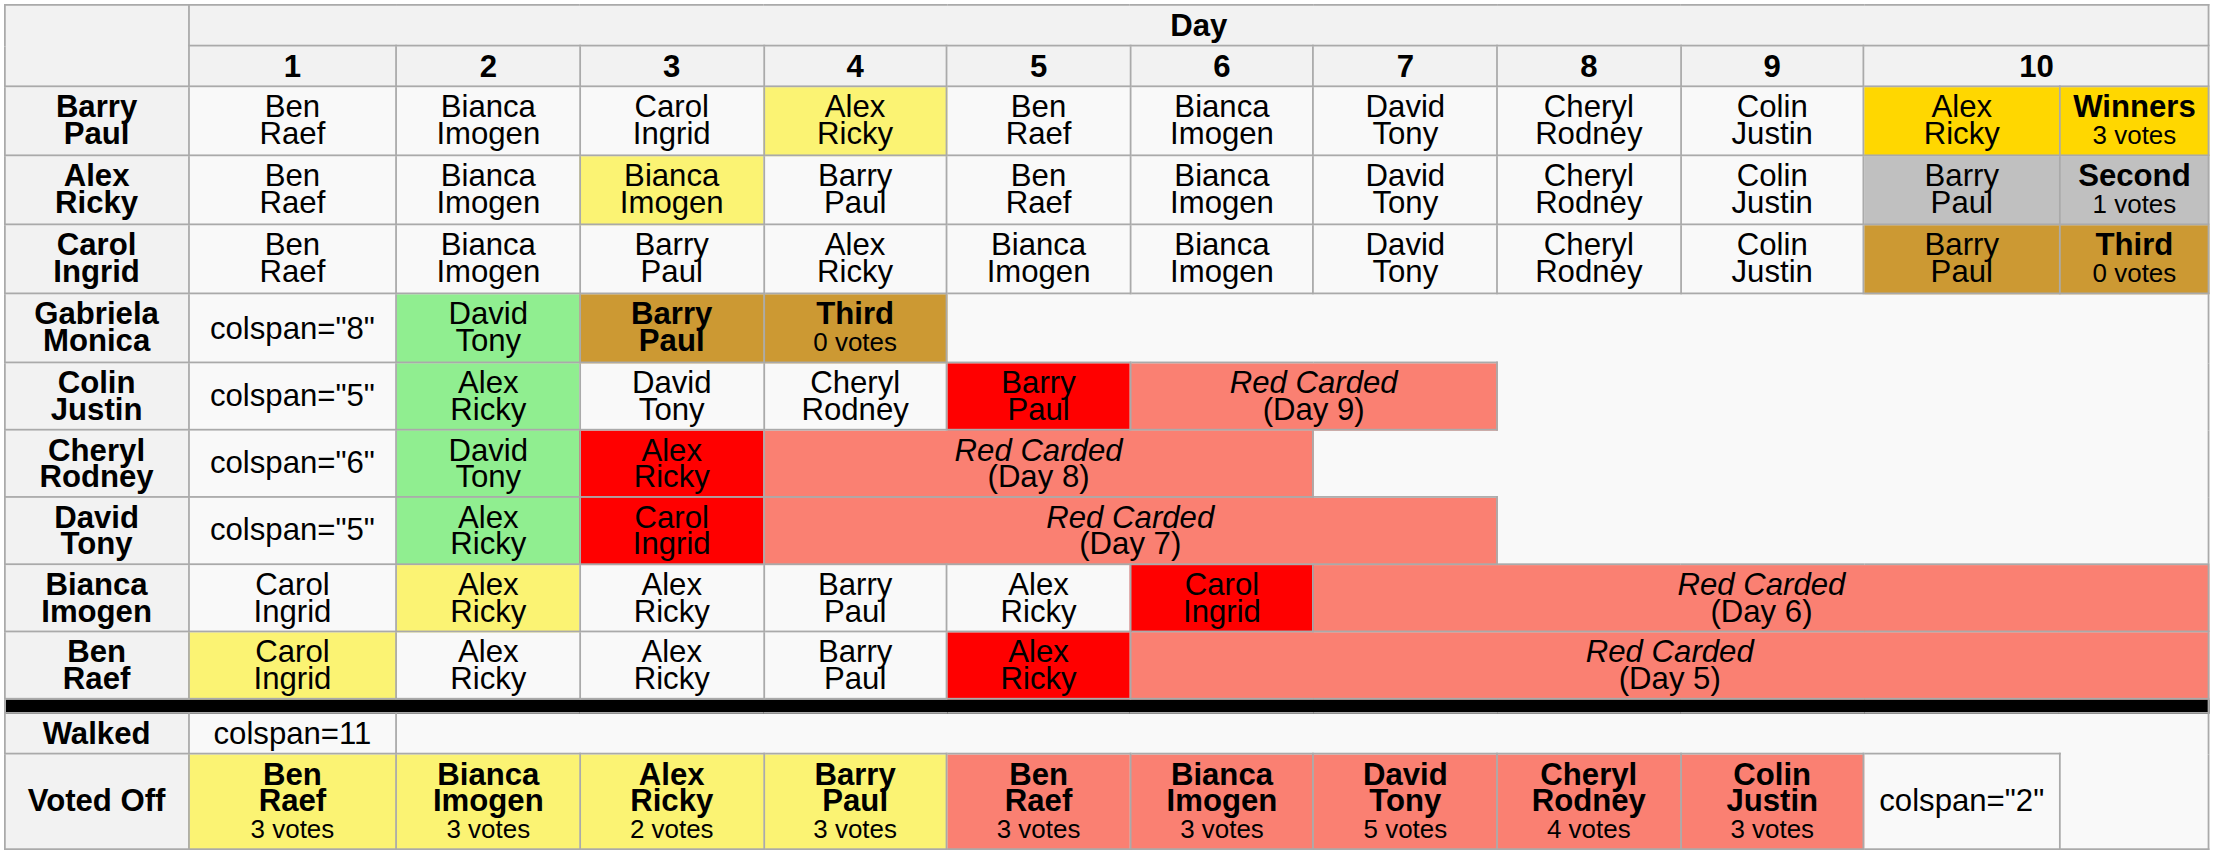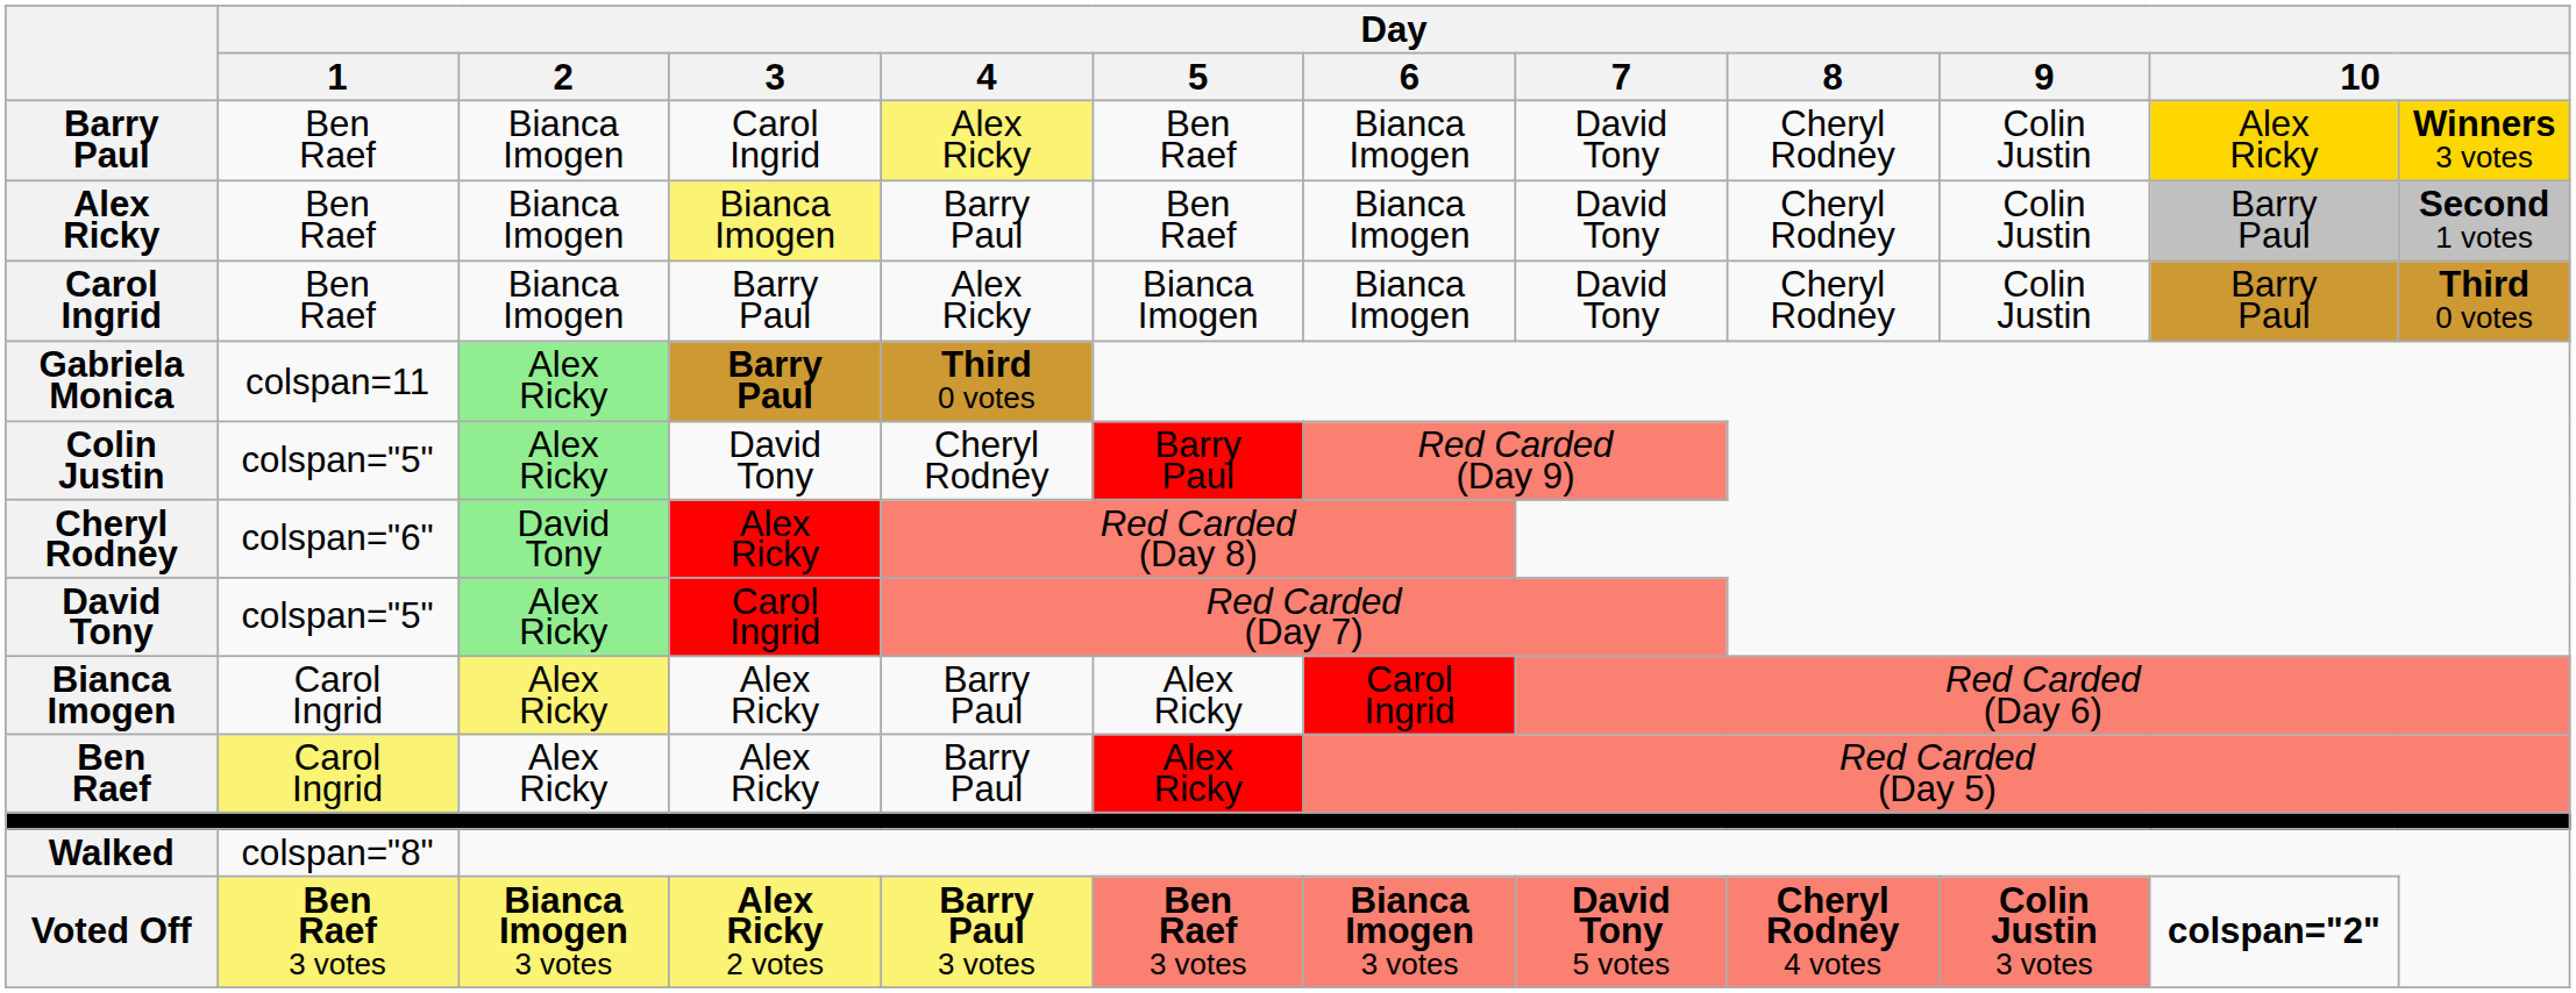 <table class="wikitable" style="text-align:center; font-size:110%; line-height:15px;">
 <tr>
 <th style="width: 7%;" rowspan="2"></th>
 <th colspan=31>Day</th>
 </tr>
 <tr>
 <th style="width: 7%;">1</th>
 <th style="width: 7%;">2</th>
 <th style="width: 7%;">3</th>
 <th style="width: 7%;">4</th>
 <th style="width: 7%;">5</th>
 <th style="width: 7%;">6</th>
 <th style="width: 7%;">7</th>
 <th style="width: 7%;">8</th>
 <th style="width: 7%;">9</th>
 <th colspan="2" style="width: 7%;">10</th>
 </tr>
 <tr>
 <th>Barry<br>Paul</th>
 <td>Ben<br>Raef</td>
 <td>Bianca<br>Imogen</td>
 <td>Carol<br>Ingrid</td>
 <td bgcolor=#fbf373>Alex<br>Ricky</td>
 <td>Ben<br>Raef</td>
 <td>Bianca<br>Imogen</td>
 <td>David<br>Tony</td>
 <td>Cheryl<br> Rodney</td>
 <td>Colin<br>Justin</td>
 <td bgcolor="gold">Alex<br>Ricky</td>
 <td bgcolor="gold"><strong>Winners</strong><br><small>3 votes</small></td>
 </tr>
 <tr>
 <th>Alex<br>Ricky</th>
 <td>Ben<br>Raef</td>
 <td>Bianca<br>Imogen</td>
 <td bgcolor=#fbf373>Bianca<br>Imogen</td>
 <td>Barry<br>Paul</td>
 <td>Ben<br>Raef</td>
 <td>Bianca<br>Imogen</td>
 <td>David<br>Tony</td>
 <td>Cheryl<br> Rodney</td>
 <td>Colin<br>Justin</td>
 <td bgcolor="silver">Barry<br>Paul</td>
 <td bgcolor="silver"><strong>Second</strong><br><small>1 votes</small></td>
 </tr>
 <tr>
 <th>Carol<br>Ingrid</th>
 <td>Ben<br>Raef</td>
 <td>Bianca<br>Imogen</td>
 <td>Barry<br>Paul</td>
 <td>Alex<br>Ricky</td>
 <td>Bianca<br>Imogen</td>
 <td>Bianca<br>Imogen</td>
 <td>David<br>Tony</td>
 <td>Cheryl<br> Rodney</td>
 <td>Colin<br>Justin</td>
 <td bgcolor="#cc9933">Barry<br>Paul</td>
 <td bgcolor="#cc9933"><strong>Third</strong><br><small>0 votes</small></td>
 </tr>
 <tr>
 <th>Gabriela<br>Monica</th>
-<td>colspan="8" </td>
-<td bgcolor="lightgreen">David<br>Tony</td>
+<td>colspan=11 </td>
+<td bgcolor="lightgreen">Alex<br>Ricky</td>
 <td bgcolor="#cc9933"><strong>Barry<br>Paul</strong></td>
 <td bgcolor="#cc9933"><strong>Third</strong><br><small>0 votes</small></td>
 </tr>
 <tr>
 <th>Colin<br>Justin</th>
 <td>colspan="5" </td>
 <td bgcolor="lightgreen">Alex<br>Ricky</td>
 <td>David<br>Tony</td>
 <td>Cheryl<br>Rodney</td>
 <td bgcolor="red">Barry<br>Paul</td>
 <td colspan="2" style="background:#fa8072; text-align:center"><em>Red Carded</em><br>(Day 9)</td>
 </tr>
 <tr>
 <th>Cheryl<br>Rodney</th>
 <td>colspan="6" </td>
 <td bgcolor="lightgreen">David<br>Tony</td>
 <td bgcolor="red">Alex<br>Ricky</td>
 <td colspan="3" style="background:#fa8072; text-align:center"><em>Red Carded</em><br>(Day 8)</td>
 </tr>
 <tr>
 <th>David<br>Tony</th>
 <td>colspan="5" </td>
 <td bgcolor="lightgreen">Alex<br>Ricky</td>
 <td bgcolor="red">Carol<br>Ingrid</td>
 <td colspan="4" style="background: #fa8072; text-align:center"><em>Red Carded</em><br>(Day 7)</td>
 </tr>
 <tr>
 <th>Bianca<br>Imogen</th>
 <td>Carol<br>Ingrid</td>
 <td bgcolor=#fbf373>Alex<br>Ricky</td>
 <td>Alex<br>Ricky</td>
 <td>Barry<br>Paul</td>
 <td>Alex<br>Ricky</td>
 <td bgcolor="red">Carol<br>Ingrid</td>
 <td colspan="5" style="background:#fa8072; text-align:center"><em>Red Carded</em><br>(Day 6)</td>
 </tr>
 <tr>
 <th>Ben<br>Raef</th>
 <td bgcolor=#fbf373>Carol<br>Ingrid</td>
 <td>Alex<br>Ricky</td>
 <td>Alex<br>Ricky</td>
 <td>Barry<br>Paul</td>
 <td bgcolor="red">Alex<br>Ricky</td>
 <td colspan="6" style="background:#fa8072; text-align:center"><em>Red Carded</em><br>(Day 5)</td>
 </tr>
 <tr>
 <th style="background:black;" colspan="12"></th>
 </tr>
 <tr>
 <th>Walked</th>
-<td>colspan=11 </td>
+<td>colspan="8" </td>
 </tr>
 <tr>
 <th>Voted Off</th>
 <td style="background:#fbf373;"><strong>Ben<br>Raef</strong><br><small>3 votes</small></td>
 <td style="background:#fbf373;"><strong>Bianca<br>Imogen</strong><br><small>3 votes</small></td>
 <td style="background:#fbf373;"><strong>Alex<br>Ricky</strong><br><small>2 votes</small></td>
 <td style="background:#fbf373;"><strong>Barry<br>Paul</strong><br><small>3 votes</small></td>
 <td style="background:#fa8072;"><strong>Ben<br>Raef</strong><br><small>3 votes</small></td>
 <td style="background:#fa8072;"><strong>Bianca<br>Imogen</strong><br><small>3 votes</small></td>
 <td style="background:#fa8072;"><strong>David<br>Tony</strong><br><small>5 votes</small></td>
 <td style="background:#fa8072;"><strong>Cheryl<br>Rodney</strong><br><small>4 votes</small></td>
 <td style="background:#fa8072;"><strong>Colin<br>Justin</strong><br><small>3 votes</small></td>
-<td>colspan="2" </td>
+<td><strong>colspan="2" </strong></td>
 </tr>
 </table>
